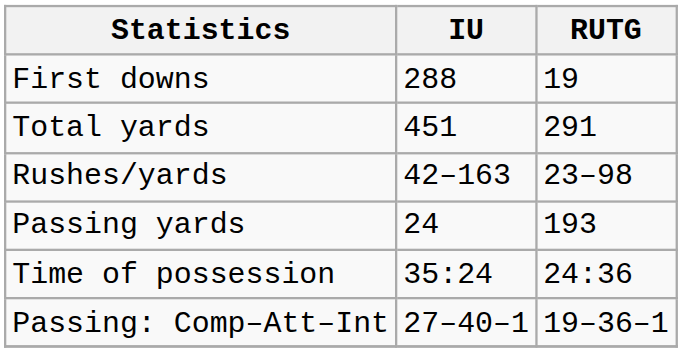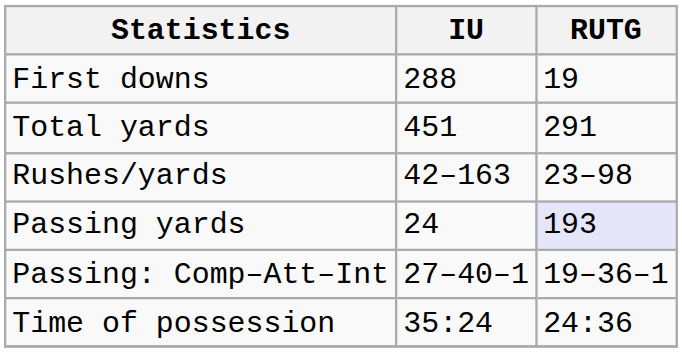 <table class="wikitable" style="float: left;">
 <tr>
 <th>Statistics</th>
 <th>IU</th>
 <th>RUTG</th>
 </tr>
 <tr>
 <td>First downs</td>
 <td>288</td>
 <td>19</td>
 </tr>
 <tr>
 <td>Total yards</td>
 <td>451</td>
 <td>291</td>
 </tr>
 <tr>
 <td>Rushes/yards</td>
 <td>42–163</td>
 <td>23–98</td>
 </tr>
 <tr>
 <td>Passing yards</td>
 <td>24</td>
-<td>193</td>
+<td style="background: lavender;">193</td>
+</tr>
+<tr>
+<td>Passing: Comp–Att–Int</td>
+<td>27–40–1</td>
+<td>19–36–1</td>
 </tr>
 <tr>
 <td>Time of possession</td>
 <td>35:24</td>
 <td>24:36</td>
 </tr>
 <tr>
-<td>Passing: Comp–Att–Int</td>
-<td>27–40–1</td>
-<td>19–36–1</td>
-</tr>
-<tr>
 </tr>
 </table>
